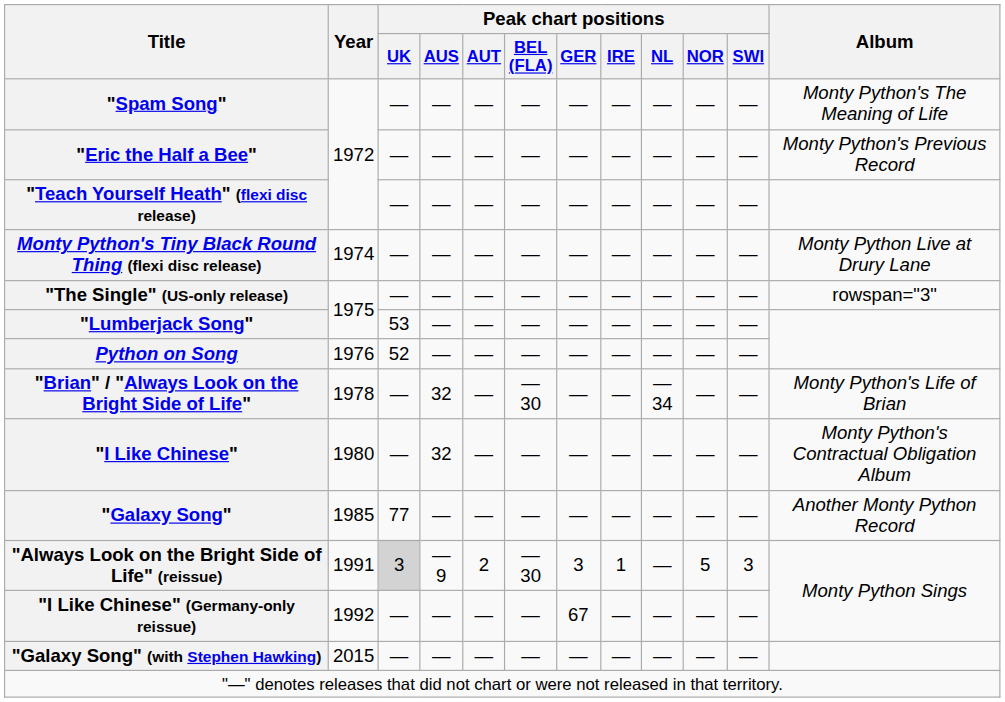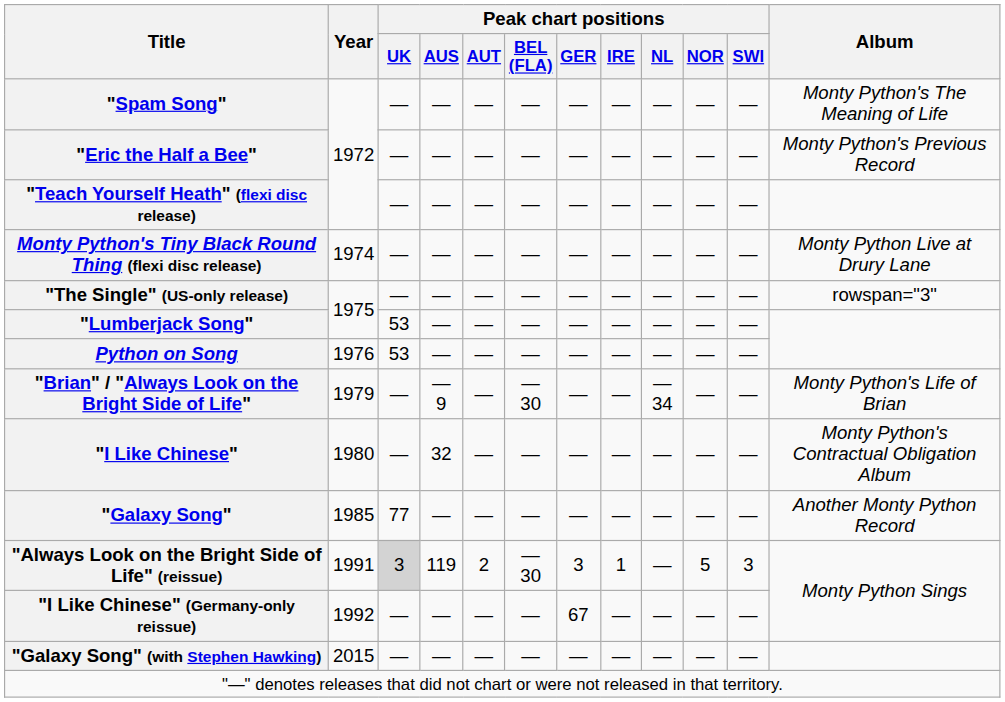 <table class="wikitable plainrowheaders" style="text-align:center;">
 <tr>
 <th rowspan="2" scope="col" style="width:17em;">Title</th>
 <th rowspan="2" scope="col" style="width:2em;">Year</th>
 <th colspan="9">Peak chart positions</th>
 <th rowspan="2" style="width:12em;">Album</th>
 </tr>
 <tr>
 <th scope="col" style="width:2em;font-size:90%;"><a href='#'>UK</a><br></th>
 <th scope="col" style="width:2em;font-size:90%;"><a href='#'>AUS</a><br></th>
 <th scope="col" style="width:2em;font-size:90%;"><a href='#'>AUT</a><br></th>
 <th scope="col" style="width:2em;font-size:90%;"><a href='#'>BEL (FLA)</a><br></th>
 <th scope="col" style="width:2em;font-size:90%;"><a href='#'>GER</a><br></th>
 <th scope="col" style="width:2em;font-size:90%;"><a href='#'>IRE</a><br></th>
 <th scope="col" style="width:2em;font-size:90%;"><a href='#'>NL</a><br></th>
 <th scope="col" style="width:2em;font-size:90%;"><a href='#'>NOR</a><br></th>
 <th scope="col" style="width:2em;font-size:90%;"><a href='#'>SWI</a><br></th>
 </tr>
 <tr>
 <th scope="row">"<a href='#'>Spam Song</a>"</th>
 <td rowspan="3">1972</td>
 <td>—</td>
 <td>—</td>
 <td>—</td>
 <td>—</td>
 <td>—</td>
 <td>—</td>
 <td>—</td>
 <td>—</td>
 <td>—</td>
 <td><em>Monty Python's The Meaning of Life</em></td>
 </tr>
 <tr>
 <th scope="row">"<a href='#'>Eric the Half a Bee</a>"</th>
 <td>—</td>
 <td>—</td>
 <td>—</td>
 <td>—</td>
 <td>—</td>
 <td>—</td>
 <td>—</td>
 <td>—</td>
 <td>—</td>
 <td><em>Monty Python's Previous Record</em></td>
 </tr>
 <tr>
 <th scope="row">"<a href='#'>Teach Yourself Heath</a>" <small>(<a href='#'>flexi disc</a> release)</small></th>
 <td>—</td>
 <td>—</td>
 <td>—</td>
 <td>—</td>
 <td>—</td>
 <td>—</td>
 <td>—</td>
 <td>—</td>
 <td>—</td>
 <td></td>
 </tr>
 <tr>
 <th scope="row"><em><a href='#'>Monty Python's Tiny Black Round Thing</a></em> <small>(flexi disc release)</small></th>
 <td>1974</td>
 <td>—</td>
 <td>—</td>
 <td>—</td>
 <td>—</td>
 <td>—</td>
 <td>—</td>
 <td>—</td>
 <td>—</td>
 <td>—</td>
 <td><em>Monty Python Live at Drury Lane</em></td>
 </tr>
 <tr>
 <th scope="row">"The Single" <small>(US-only release)</small></th>
 <td rowspan="2">1975</td>
 <td>—</td>
 <td>—</td>
 <td>—</td>
 <td>—</td>
 <td>—</td>
 <td>—</td>
 <td>—</td>
 <td>—</td>
 <td>—</td>
 <td>rowspan="3" </td>
 </tr>
 <tr>
 <th scope="row">"<a href='#'>Lumberjack Song</a>"</th>
 <td>53</td>
 <td>—</td>
 <td>—</td>
 <td>—</td>
 <td>—</td>
 <td>—</td>
 <td>—</td>
 <td>—</td>
 <td>—</td>
 </tr>
 <tr>
 <th scope="row"><a href='#'><em>Python on Song</em></a></th>
 <td>1976</td>
-<td>52</td>
+<td>53</td>
 <td>—</td>
 <td>—</td>
 <td>—</td>
 <td>—</td>
 <td>—</td>
 <td>—</td>
 <td>—</td>
 <td>—</td>
 </tr>
 <tr>
 <th scope="row">"<a href='#'>Brian</a>" / "<a href='#'>Always Look on the Bright Side of Life</a>" </th>
-<td>1978</td>
+<td>1979</td>
 <td>—</td>
-<td>32</td>
+<td>—<br>9</td>
 <td>—</td>
 <td>—<br>30</td>
 <td>—</td>
 <td>—</td>
 <td>—<br>34</td>
 <td>—</td>
 <td>—</td>
 <td><em>Monty Python's Life of Brian</em></td>
 </tr>
 <tr>
 <th scope="row">"<a href='#'>I Like Chinese</a>"</th>
 <td>1980</td>
 <td>—</td>
 <td>32</td>
 <td>—</td>
 <td>—</td>
 <td>—</td>
 <td>—</td>
 <td>—</td>
 <td>—</td>
 <td>—</td>
 <td><em>Monty Python's Contractual Obligation Album</em></td>
 </tr>
 <tr>
 <th scope="row">"<a href='#'>Galaxy Song</a>"</th>
 <td>1985</td>
 <td>77</td>
 <td>—</td>
 <td>—</td>
 <td>—</td>
 <td>—</td>
 <td>—</td>
 <td>—</td>
 <td>—</td>
 <td>—</td>
 <td><em>Another Monty Python Record</em></td>
 </tr>
 <tr>
 <th scope="row">"Always Look on the Bright Side of Life" <small>(reissue)</small></th>
 <td>1991</td>
 <td style="background: lightgrey;">3</td>
-<td>—<br>9</td>
+<td>119</td>
 <td>2</td>
 <td>—<br>30</td>
 <td>3</td>
 <td>1</td>
 <td>—</td>
 <td>5</td>
 <td>3</td>
 <td rowspan="2"><em>Monty Python Sings</em></td>
 </tr>
 <tr>
 <th scope="row">"I Like Chinese" <small>(Germany-only reissue)</small></th>
 <td>1992</td>
 <td>—</td>
 <td>—</td>
 <td>—</td>
 <td>—</td>
 <td>67</td>
 <td>—</td>
 <td>—</td>
 <td>—</td>
 <td>—</td>
 </tr>
 <tr>
 <th scope="row">"Galaxy Song" <small>(with <a href='#'>Stephen Hawking</a>)</small></th>
 <td>2015</td>
 <td>—</td>
 <td>—</td>
 <td>—</td>
 <td>—</td>
 <td>—</td>
 <td>—</td>
 <td>—</td>
 <td>—</td>
 <td>—</td>
 <td></td>
 </tr>
 <tr>
 <td colspan="12" style="font-size:90%">"—" denotes releases that did not chart or were not released in that territory.</td>
 </tr>
 </table>
